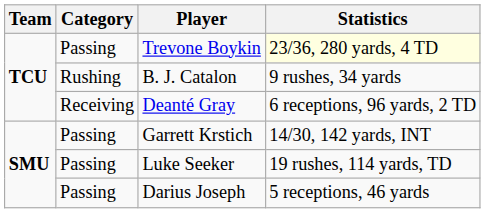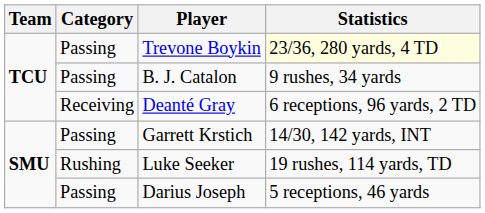 <table class="wikitable" style="float: left;">
 <tr>
 <th>Team</th>
 <th>Category</th>
 <th>Player</th>
 <th>Statistics</th>
 </tr>
 <tr>
 <td rowspan=3><strong>TCU</strong></td>
 <td>Passing</td>
 <td><a href='#'>Trevone Boykin</a></td>
 <td style="background: lightyellow;">23/36, 280 yards, 4 TD</td>
 </tr>
 <tr>
-<td>Rushing</td>
+<td>Passing</td>
 <td>B. J. Catalon</td>
 <td>9 rushes, 34 yards</td>
 </tr>
 <tr>
 <td>Receiving</td>
 <td><a href='#'>Deanté Gray</a></td>
 <td>6 receptions, 96 yards, 2 TD</td>
 </tr>
 <tr>
 <td rowspan=3><strong>SMU</strong></td>
 <td>Passing</td>
 <td>Garrett Krstich</td>
 <td>14/30, 142 yards, INT</td>
 </tr>
 <tr>
-<td>Passing</td>
+<td>Rushing</td>
 <td>Luke Seeker</td>
 <td>19 rushes, 114 yards, TD</td>
 </tr>
 <tr>
 <td>Passing</td>
 <td>Darius Joseph</td>
 <td>5 receptions, 46 yards</td>
 </tr>
 </table>
